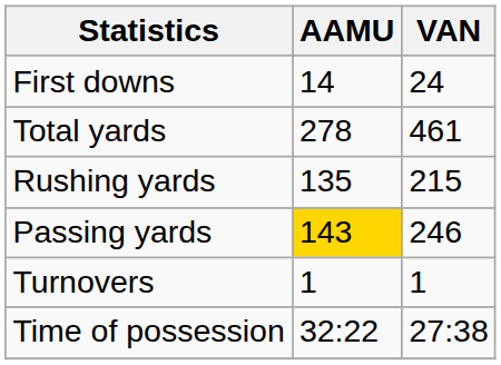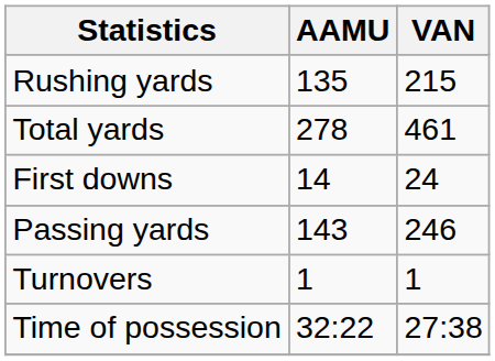 <table class="wikitable" style="float: left;">
 <tr>
 <th>Statistics</th>
 <th>AAMU</th>
 <th>VAN</th>
 </tr>
 <tr>
-<td>First downs</td>
-<td>14</td>
-<td>24</td>
+<td>Rushing yards</td>
+<td>135</td>
+<td>215</td>
 </tr>
 <tr>
 <td>Total yards</td>
 <td>278</td>
 <td>461</td>
 </tr>
 <tr>
-<td>Rushing yards</td>
-<td>135</td>
-<td>215</td>
+<td>First downs</td>
+<td>14</td>
+<td>24</td>
 </tr>
 <tr>
 <td>Passing yards</td>
-<td style="background: gold;">143</td>
+<td>143</td>
 <td>246</td>
 </tr>
 <tr>
 <td>Turnovers</td>
 <td>1</td>
 <td>1</td>
 </tr>
 <tr>
 <td>Time of possession</td>
 <td>32:22</td>
 <td>27:38</td>
 </tr>
 <tr>
 </tr>
 </table>
